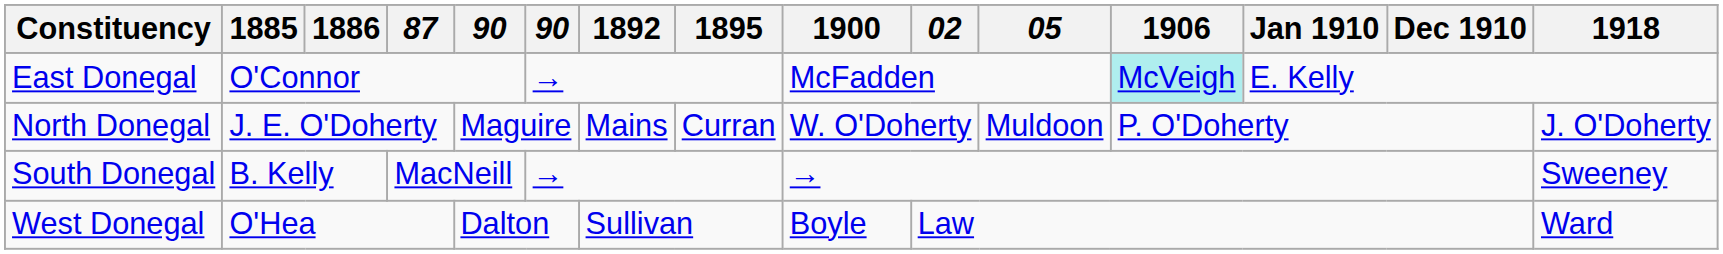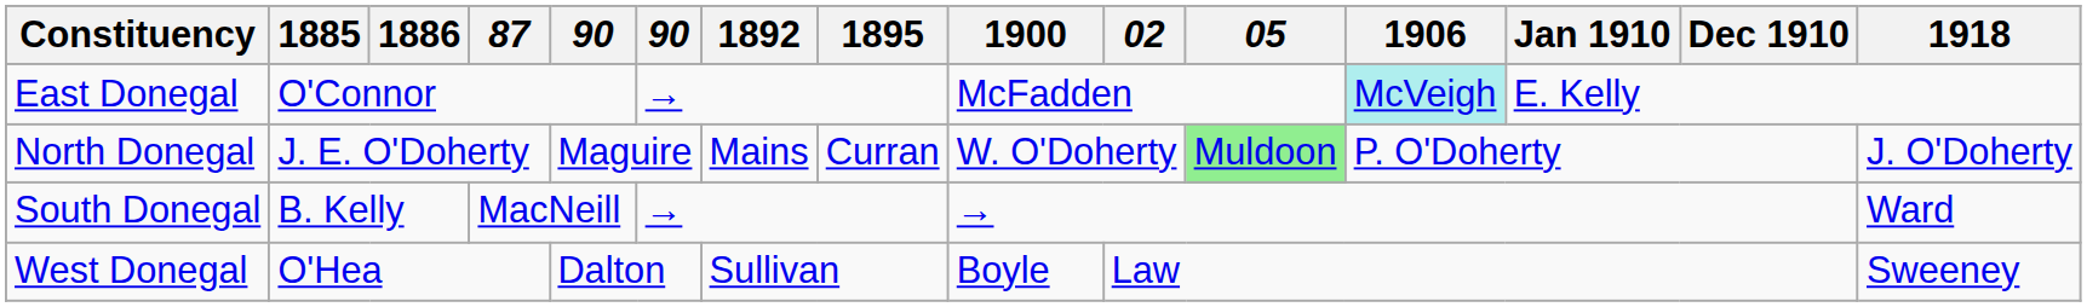 <table class="wikitable">
 <tr>
 <th>Constituency</th>
 <th>1885</th>
 <th>1886</th>
 <th><em>87</em></th>
 <th><em>90</em></th>
 <th><em>90</em></th>
 <th>1892</th>
 <th>1895</th>
 <th>1900</th>
 <th><em>02</em></th>
 <th><em>05</em></th>
 <th>1906</th>
 <th>Jan 1910</th>
 <th>Dec 1910</th>
 <th>1918</th>
 </tr>
 <tr>
 <td><a href='#'>East Donegal</a></td>
 <td colspan="4"><a href='#'>O'Connor</a></td>
 <td colspan="3"><a href='#'>→</a></td>
 <td colspan="3"><a href='#'>McFadden</a></td>
 <td style="background: paleturquoise;"><a href='#'>McVeigh</a></td>
 <td colspan="3"><a href='#'>E. Kelly</a></td>
 </tr>
 <tr>
 <td><a href='#'>North Donegal</a></td>
 <td colspan="3"><a href='#'>J. E. O'Doherty</a></td>
 <td colspan="2"><a href='#'>Maguire</a></td>
 <td><a href='#'>Mains</a></td>
 <td><a href='#'>Curran</a></td>
 <td colspan="2"><a href='#'>W. O'Doherty</a></td>
-<td><a href='#'>Muldoon</a></td>
+<td style="background: lightgreen;"><a href='#'>Muldoon</a></td>
 <td colspan="3"><a href='#'>P. O'Doherty</a></td>
 <td><a href='#'>J. O'Doherty</a></td>
 </tr>
 <tr>
 <td><a href='#'>South Donegal</a></td>
 <td colspan="2"><a href='#'>B. Kelly</a></td>
 <td colspan="2"><a href='#'>MacNeill</a></td>
 <td colspan="3"><a href='#'>→</a></td>
 <td colspan="6"><a href='#'>→</a></td>
-<td><a href='#'>Sweeney</a></td>
+<td><a href='#'>Ward</a></td>
 </tr>
 <tr>
 <td><a href='#'>West Donegal</a></td>
 <td colspan="3"><a href='#'>O'Hea</a></td>
 <td colspan="2"><a href='#'>Dalton</a></td>
 <td colspan="2"><a href='#'>Sullivan</a></td>
 <td><a href='#'>Boyle</a></td>
 <td colspan="5"><a href='#'>Law</a></td>
-<td><a href='#'>Ward</a></td>
+<td><a href='#'>Sweeney</a></td>
 </tr>
 </table>
